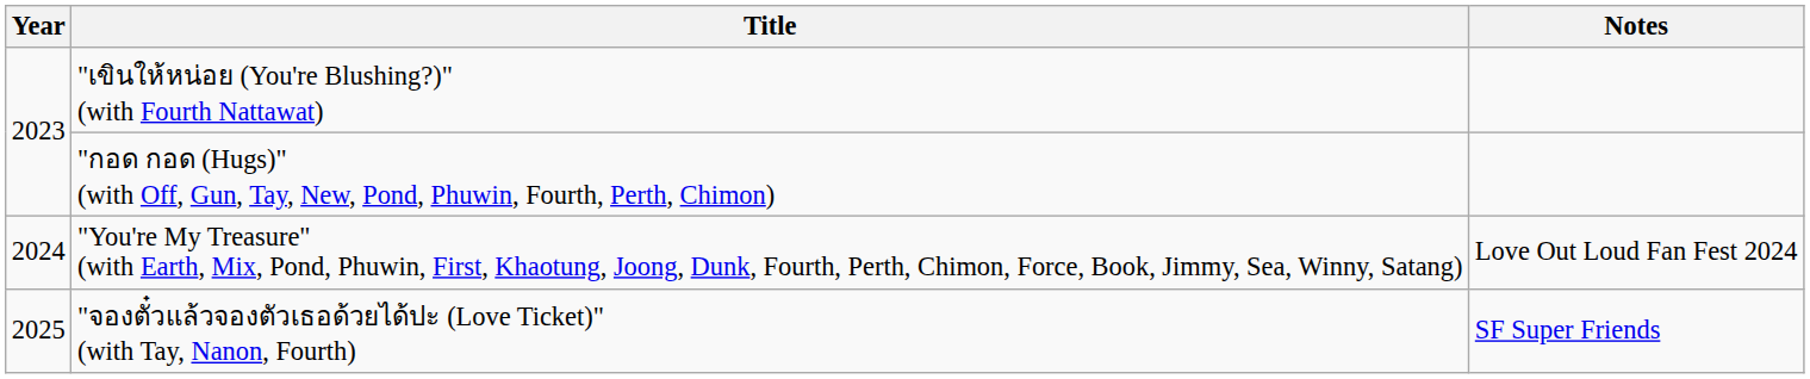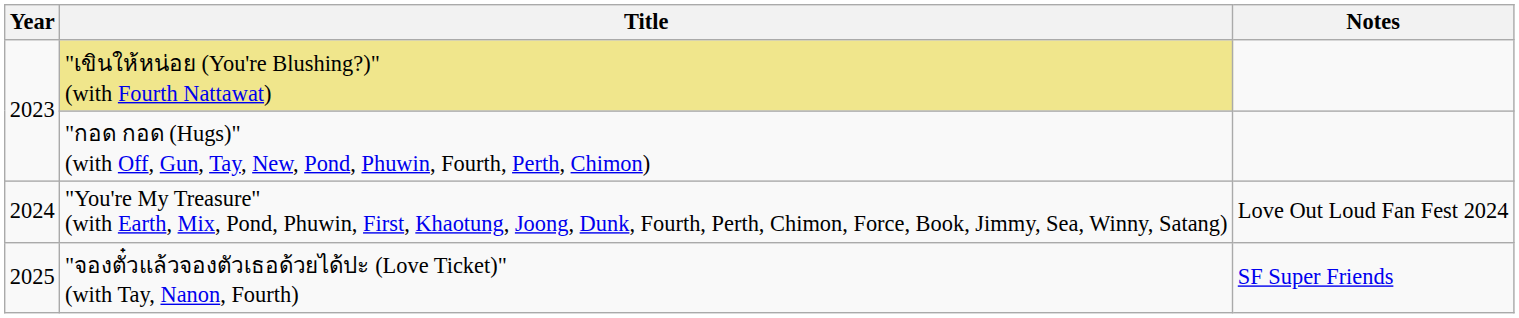 <table class="wikitable sortable">
 <tr>
 <th scope="col">Year</th>
 <th scope="col">Title</th>
 <th scope="col" class="unsortable">Notes</th>
 </tr>
 <tr>
 <td rowspan="2">2023</td>
-<td>"เขินให้หน่อย (You're Blushing?)"<br><span>(with <a href='#'>Fourth Nattawat</a>)</span></td>
+<td style="background: khaki;">"เขินให้หน่อย (You're Blushing?)"<br><span>(with <a href='#'>Fourth Nattawat</a>)</span></td>
 <td></td>
 </tr>
 <tr>
 <td>"กอด กอด (Hugs)"<br><span>(with <a href='#'>Off</a>, <a href='#'>Gun</a>, <a href='#'>Tay</a>, <a href='#'>New</a>, <a href='#'>Pond</a>, <a href='#'>Phuwin</a>, Fourth, <a href='#'>Perth</a>, <a href='#'>Chimon</a>)</span></td>
 <td></td>
 </tr>
 <tr>
 <td>2024</td>
 <td>"You're My Treasure"<br><span>(with <a href='#'>Earth</a>, <a href='#'>Mix</a>, Pond, Phuwin, <a href='#'>First</a>, <a href='#'>Khaotung</a>, <a href='#'>Joong</a>, <a href='#'>Dunk</a>, Fourth, Perth, Chimon, Force, Book, Jimmy, Sea, Winny, Satang)</span></td>
 <td>Love Out Loud Fan Fest 2024</td>
 </tr>
 <tr>
 <td>2025</td>
 <td>"จองตั๋วแล้วจองตัวเธอด้วยได้ปะ (Love Ticket)"<br><span>(with Tay, <a href='#'>Nanon</a>, Fourth)</span></td>
 <td><a href='#'>SF Super Friends</a></td>
 </tr>
 </table>
